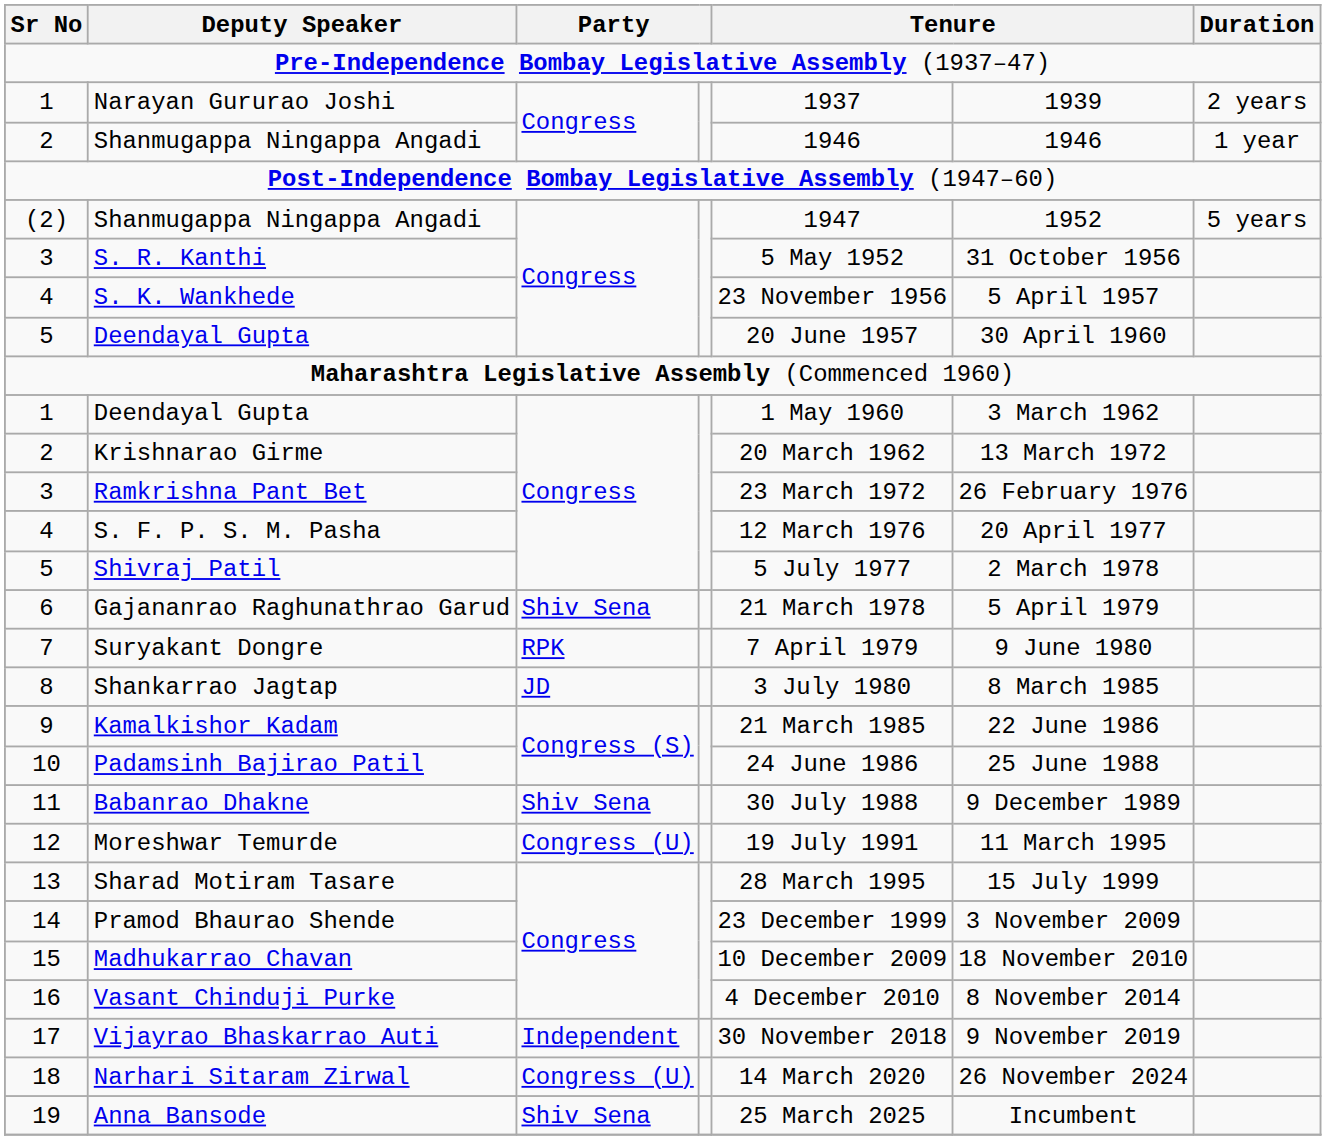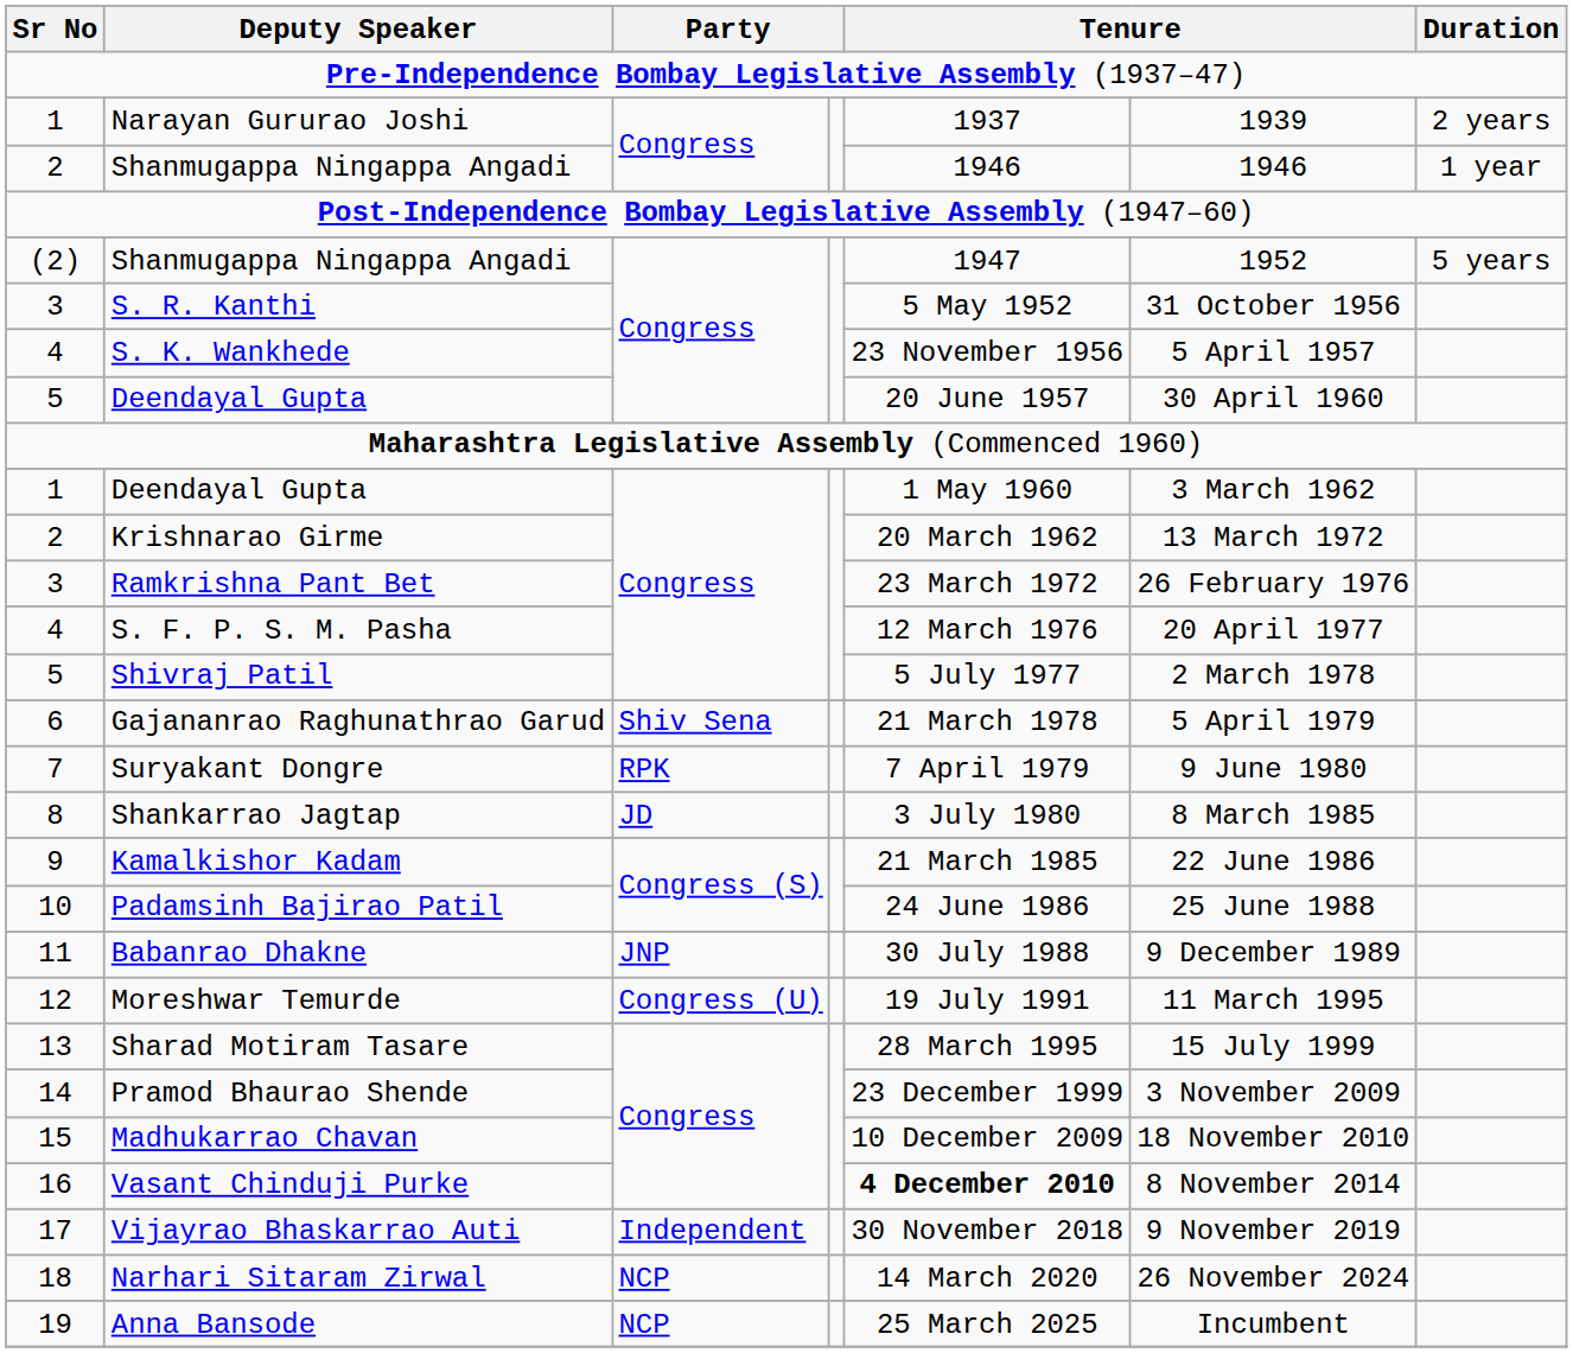 <table class="wikitable sortable">
 <tr>
 <th>Sr No</th>
 <th>Deputy Speaker</th>
 <th colspan="2" scope="col">Party</th>
 <th colspan="2" scope="col">Tenure</th>
 <th>Duration</th>
 </tr>
 <tr>
 <td colspan=7 style="text-align:center;"><strong><a href='#'>Pre-Independence</a> <a href='#'>Bombay Legislative Assembly</a></strong> (1937–47)</td>
 </tr>
 <tr>
 <td style="text-align:center;">1</td>
 <td>Narayan Gururao Joshi</td>
 <td rowspan=2><a href='#'>Congress</a></td>
 <td rowspan=2 style="width:0.5px; background-color: "></td>
 <td style="text-align:center;">1937</td>
 <td style="text-align:center;">1939</td>
 <td style="text-align:center;">2 years</td>
 </tr>
 <tr>
 <td style="text-align:center;">2</td>
 <td>Shanmugappa Ningappa Angadi</td>
 <td style="text-align:center;">1946</td>
 <td style="text-align:center;">1946</td>
 <td style="text-align:center;">1 year</td>
 </tr>
 <tr>
 <td colspan=7 style="text-align:center;"><strong><a href='#'>Post-Independence</a> <a href='#'>Bombay Legislative Assembly</a></strong> (1947–60)</td>
 </tr>
 <tr>
 <td style="text-align:center;">(2)</td>
 <td>Shanmugappa Ningappa Angadi</td>
 <td rowspan=4><a href='#'>Congress</a></td>
 <td rowspan=4 style="width:0.5px; background-color: "></td>
 <td style="text-align:center;">1947</td>
 <td style="text-align:center;">1952</td>
 <td style="text-align:center;">5 years</td>
 </tr>
 <tr>
 <td style="text-align:center;">3</td>
 <td><a href='#'>S. R. Kanthi</a></td>
 <td style="text-align:center;">5 May 1952</td>
 <td style="text-align:center;">31 October 1956</td>
 <td style="text-align:center;"><strong></strong></td>
 </tr>
 <tr>
 <td style="text-align:center;">4</td>
 <td><a href='#'>S. K. Wankhede</a></td>
 <td style="text-align:center;">23 November 1956</td>
 <td style="text-align:center;">5 April 1957</td>
 <td style="text-align:center;"><strong></strong></td>
 </tr>
 <tr>
 <td style="text-align:center;">5</td>
 <td><a href='#'>Deendayal Gupta</a></td>
 <td style="text-align:center;">20 June 1957</td>
 <td style="text-align:center;">30 April 1960</td>
 <td style="text-align:center;"><strong></strong></td>
 </tr>
 <tr>
 <td colspan=7 style="text-align:center;"><strong>Maharashtra Legislative Assembly</strong> (Commenced 1960)</td>
 </tr>
 <tr>
 <td style="text-align:center;">1</td>
 <td>Deendayal Gupta</td>
 <td rowspan=5><a href='#'>Congress</a></td>
 <td rowspan=5 style="width:0.5px; background-color: "></td>
 <td style="text-align:center;">1 May 1960</td>
 <td style="text-align:center;">3 March 1962</td>
 <td style="text-align:center;"><strong></strong></td>
 </tr>
 <tr>
 <td style="text-align:center;">2</td>
 <td>Krishnarao Girme</td>
 <td style="text-align:center;">20 March 1962</td>
 <td style="text-align:center;">13 March 1972</td>
 <td style="text-align:center;"><strong></strong></td>
 </tr>
 <tr>
 <td style="text-align:center;">3</td>
 <td><a href='#'>Ramkrishna Pant Bet</a></td>
 <td style="text-align:center;">23 March 1972</td>
 <td style="text-align:center;">26 February 1976</td>
 <td style="text-align:center;"><strong></strong></td>
 </tr>
 <tr>
 <td style="text-align:center;">4</td>
 <td>S. F. P. S. M. Pasha</td>
 <td style="text-align:center;">12 March 1976</td>
 <td style="text-align:center;">20 April 1977</td>
 <td style="text-align:center;"><strong></strong></td>
 </tr>
 <tr>
 <td style="text-align:center;">5</td>
 <td><a href='#'>Shivraj Patil</a></td>
 <td style="text-align:center;">5 July 1977</td>
 <td style="text-align:center;">2 March 1978</td>
 <td style="text-align:center;"><strong></strong></td>
 </tr>
 <tr>
 <td style="text-align:center;">6</td>
 <td>Gajananrao Raghunathrao Garud</td>
 <td rowspan=1><a href='#'>Shiv Sena</a></td>
 <td rowspan=1 style="width:0.5px; background-color: "></td>
 <td style="text-align:center;">21 March 1978</td>
 <td style="text-align:center;">5 April 1979</td>
 <td style="text-align:center;"><strong></strong></td>
 </tr>
 <tr>
 <td style="text-align:center;">7</td>
 <td>Suryakant Dongre</td>
 <td rowspan=1><a href='#'>RPK</a></td>
 <td rowspan=1 style="width:0.5px; background-color: "></td>
 <td style="text-align:center;">7 April 1979</td>
 <td style="text-align:center;">9 June 1980</td>
 <td style="text-align:center;"><strong></strong></td>
 </tr>
 <tr>
 <td style="text-align:center;">8</td>
 <td>Shankarrao Jagtap</td>
 <td rowspan=1><a href='#'>JD</a></td>
 <td rowspan=1 style="width:0.5px; background-color: "></td>
 <td style="text-align:center;">3 July 1980</td>
 <td style="text-align:center;">8 March 1985</td>
 <td style="text-align:center;"><strong></strong></td>
 </tr>
 <tr>
 <td style="text-align:center;">9</td>
 <td><a href='#'>Kamalkishor Kadam</a></td>
 <td rowspan=2><a href='#'>Congress (S)</a></td>
 <td rowspan=2 style="width:0.5px; background-color: "></td>
 <td style="text-align:center;">21 March 1985</td>
 <td style="text-align:center;">22 June 1986</td>
 <td style="text-align:center;"><strong></strong></td>
 </tr>
 <tr>
 <td style="text-align:center;">10</td>
 <td><a href='#'>Padamsinh Bajirao Patil</a></td>
 <td style="text-align:center;">24 June 1986</td>
 <td style="text-align:center;">25 June 1988</td>
 <td style="text-align:center;"><strong></strong></td>
 </tr>
 <tr>
 <td style="text-align:center;">11</td>
 <td><a href='#'>Babanrao Dhakne</a></td>
-<td rowspan=1><a href='#'>Shiv Sena</a></td>
+<td rowspan=1><a href='#'>JNP</a></td>
 <td rowspan=1 style="width:0.5px; background-color: "></td>
 <td style="text-align:center;">30 July 1988</td>
 <td style="text-align:center;">9 December 1989</td>
 <td style="text-align:center;"><strong></strong></td>
 </tr>
 <tr>
 <td style="text-align:center;">12</td>
 <td>Moreshwar Temurde</td>
 <td rowspan=1><a href='#'>Congress (U)</a></td>
 <td rowspan=1 style="width:0.5px; background-color: "></td>
 <td style="text-align:center;">19 July 1991</td>
 <td style="text-align:center;">11 March 1995</td>
 <td style="text-align:center;"><strong></strong></td>
 </tr>
 <tr>
 <td style="text-align:center;">13</td>
 <td>Sharad Motiram Tasare</td>
 <td rowspan=4><a href='#'>Congress</a></td>
 <td rowspan=4 style="width:0.5px; background-color: "></td>
 <td style="text-align:center;">28 March 1995</td>
 <td style="text-align:center;">15 July 1999</td>
 <td style="text-align:center;"><strong></strong></td>
 </tr>
 <tr>
 <td style="text-align:center;">14</td>
 <td>Pramod Bhaurao Shende</td>
 <td style="text-align:center;">23 December 1999</td>
 <td style="text-align:center;">3 November 2009</td>
 <td style="text-align:center;"><strong></strong></td>
 </tr>
 <tr>
 <td style="text-align:center;">15</td>
 <td><a href='#'>Madhukarrao Chavan</a></td>
 <td style="text-align:center;">10 December 2009</td>
 <td style="text-align:center;">18 November 2010</td>
 <td style="text-align:center;"><strong></strong></td>
 </tr>
 <tr>
 <td style="text-align:center;">16</td>
 <td><a href='#'>Vasant Chinduji Purke</a></td>
-<td style="text-align:center;">4 December 2010</td>
+<td style="text-align:center;"><strong>4 December 2010</strong></td>
 <td style="text-align:center;">8 November 2014</td>
 <td style="text-align:center;"><strong></strong></td>
 </tr>
 <tr>
 <td style="text-align:center;">17</td>
 <td><a href='#'>Vijayrao Bhaskarrao Auti</a></td>
 <td rowspan=1><a href='#'>Independent</a></td>
 <td rowspan=1 style="width:0.5px; background-color: "></td>
 <td style="text-align:center;">30 November 2018</td>
 <td style="text-align:center;">9 November 2019</td>
 <td style="text-align:center;"><strong></strong></td>
 </tr>
 <tr>
 <td style="text-align:center;">18</td>
 <td><a href='#'>Narhari Sitaram Zirwal</a></td>
-<td rowspan=1><a href='#'>Congress (U)</a></td>
+<td rowspan=1><a href='#'>NCP</a></td>
 <td rowspan=1 style="width:0.5px; background-color: "></td>
 <td style="text-align:center;">14 March 2020</td>
 <td style="text-align:center;">26 November 2024</td>
 <td style="text-align:center;"><strong></strong></td>
 </tr>
 <tr>
 <td style="text-align:center;">19</td>
 <td><a href='#'>Anna Bansode</a></td>
-<td rowspan=1><a href='#'>Shiv Sena</a></td>
+<td rowspan=1><a href='#'>NCP</a></td>
 <td rowspan=1 style="width:0.5px; background-color: "></td>
 <td style="text-align:center;">25 March 2025</td>
 <td style="text-align:center;">Incumbent</td>
 <td style="text-align:center;"><strong></strong></td>
 </tr>
 <tr>
 </tr>
 </table>
